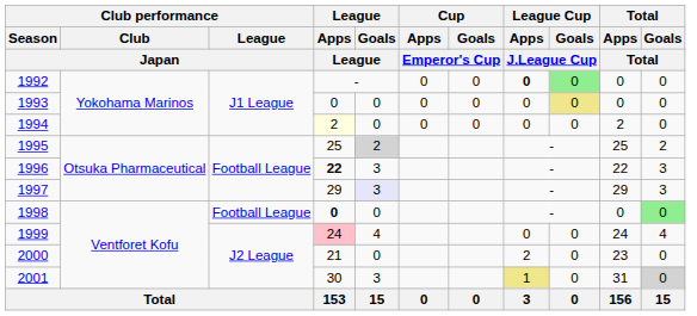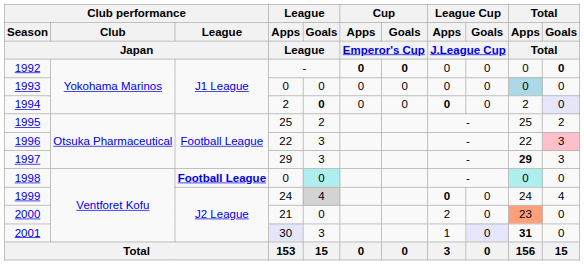 <table class="wikitable" style="text-align:center;">
 <tr>
 <th colspan=3>Club performance</th>
 <th colspan=2>League</th>
 <th colspan=2>Cup</th>
 <th colspan=2>League Cup</th>
 <th colspan=2>Total</th>
 </tr>
 <tr>
 <th>Season</th>
 <th>Club</th>
 <th>League</th>
 <th>Apps</th>
 <th>Goals</th>
 <th>Apps</th>
 <th>Goals</th>
 <th>Apps</th>
 <th>Goals</th>
 <th>Apps</th>
 <th>Goals</th>
 </tr>
 <tr>
 <th colspan=3>Japan</th>
 <th colspan=2>League</th>
 <th colspan=2><a href='#'>Emperor's Cup</a></th>
 <th colspan=2><a href='#'>J.League Cup</a></th>
 <th colspan=2>Total</th>
 </tr>
 <tr>
 <td><a href='#'>1992</a></td>
 <td rowspan="3"><a href='#'>Yokohama Marinos</a></td>
 <td rowspan="3"><a href='#'>J1 League</a></td>
 <td colspan="2">-</td>
+<td><strong>0</strong></td>
+<td><strong>0</strong></td>
+<td>0</td>
 <td>0</td>
 <td>0</td>
 <td><strong>0</strong></td>
-<td style="background: lightgreen;">0</td>
-<td>0</td>
-<td>0</td>
 </tr>
 <tr>
 <td><a href='#'>1993</a></td>
 <td>0</td>
 <td>0</td>
 <td>0</td>
 <td>0</td>
 <td>0</td>
-<td style="background: khaki;">0</td>
 <td>0</td>
+<td style="background: lightblue;">0</td>
 <td>0</td>
 </tr>
 <tr>
 <td><a href='#'>1994</a></td>
-<td style="background: lightyellow;">2</td>
+<td>2</td>
+<td><strong>0</strong></td>
 <td>0</td>
 <td>0</td>
-<td>0</td>
-<td>0</td>
+<td><strong>0</strong></td>
 <td>0</td>
 <td>2</td>
-<td>0</td>
+<td style="background: lavender;">0</td>
 </tr>
 <tr>
 <td><a href='#'>1995</a></td>
 <td rowspan="3"><a href='#'>Otsuka Pharmaceutical</a></td>
 <td rowspan="3"><a href='#'>Football League</a></td>
 <td>25</td>
-<td style="background: lightgrey;">2</td>
+<td>2</td>
 <td></td>
 <td></td>
 <td colspan="2">-</td>
 <td>25</td>
 <td>2</td>
 </tr>
 <tr>
 <td><a href='#'>1996</a></td>
-<td><strong>22</strong></td>
+<td>22</td>
 <td>3</td>
 <td></td>
 <td></td>
 <td colspan="2">-</td>
 <td>22</td>
-<td>3</td>
+<td style="background: pink;">3</td>
 </tr>
 <tr>
 <td><a href='#'>1997</a></td>
 <td>29</td>
-<td style="background: lavender;">3</td>
+<td>3</td>
 <td></td>
 <td></td>
 <td colspan="2">-</td>
-<td>29</td>
+<td><strong>29</strong></td>
 <td>3</td>
 </tr>
 <tr>
 <td><a href='#'>1998</a></td>
 <td rowspan="4"><a href='#'>Ventforet Kofu</a></td>
-<td><a href='#'>Football League</a></td>
-<td><strong>0</strong></td>
+<td><strong><a href='#'>Football League</a></strong></td>
 <td>0</td>
+<td style="background: paleturquoise;">0</td>
 <td></td>
 <td></td>
 <td colspan="2">-</td>
+<td style="background: paleturquoise;">0</td>
 <td>0</td>
-<td style="background: lightgreen;">0</td>
 </tr>
 <tr>
 <td><a href='#'>1999</a></td>
 <td rowspan="3"><a href='#'>J2 League</a></td>
-<td style="background: pink;">24</td>
-<td>4</td>
+<td>24</td>
+<td style="background: lightgrey;">4</td>
 <td></td>
 <td></td>
-<td>0</td>
+<td><strong>0</strong></td>
 <td>0</td>
 <td>24</td>
 <td>4</td>
 </tr>
 <tr>
 <td><a href='#'>2000</a></td>
 <td>21</td>
 <td>0</td>
 <td></td>
 <td></td>
 <td>2</td>
 <td>0</td>
-<td>23</td>
+<td style="background: lightsalmon;">23</td>
 <td>0</td>
 </tr>
 <tr>
 <td><a href='#'>2001</a></td>
-<td>30</td>
+<td style="background: lavender;">30</td>
 <td>3</td>
 <td></td>
 <td></td>
-<td style="background: khaki;">1</td>
+<td>1</td>
+<td style="background: lavender;">0</td>
+<td><strong>31</strong></td>
 <td>0</td>
-<td>31</td>
-<td style="background: lightgrey;">0</td>
 </tr>
 <tr>
 <th colspan=3>Total</th>
 <th>153</th>
 <th>15</th>
 <th>0</th>
 <th>0</th>
 <th>3</th>
 <th>0</th>
 <th>156</th>
 <th>15</th>
 </tr>
 </table>
